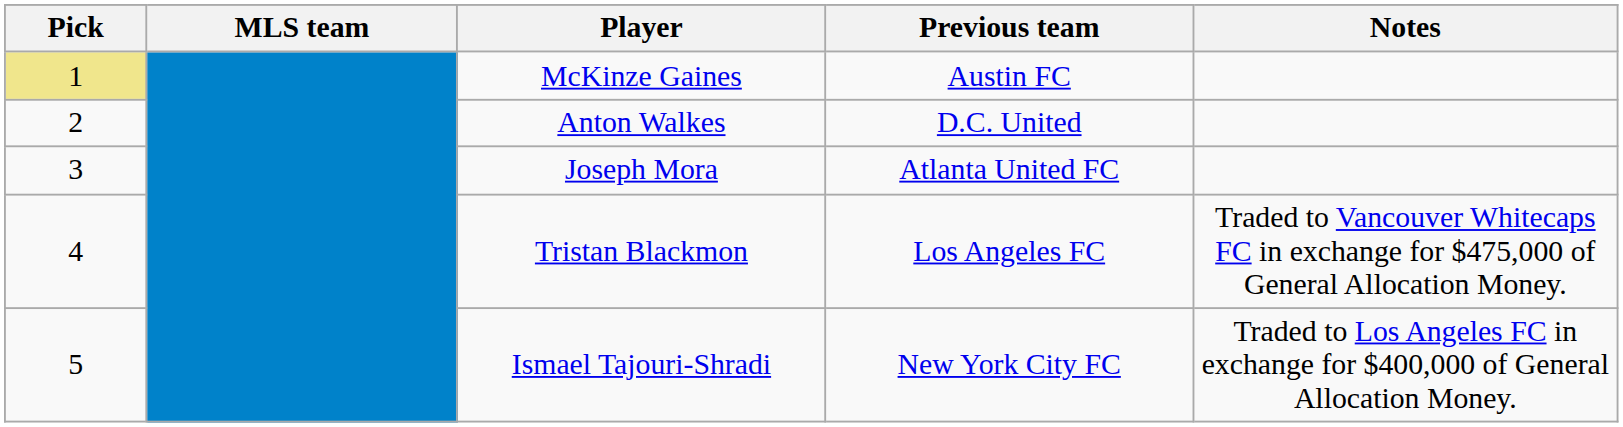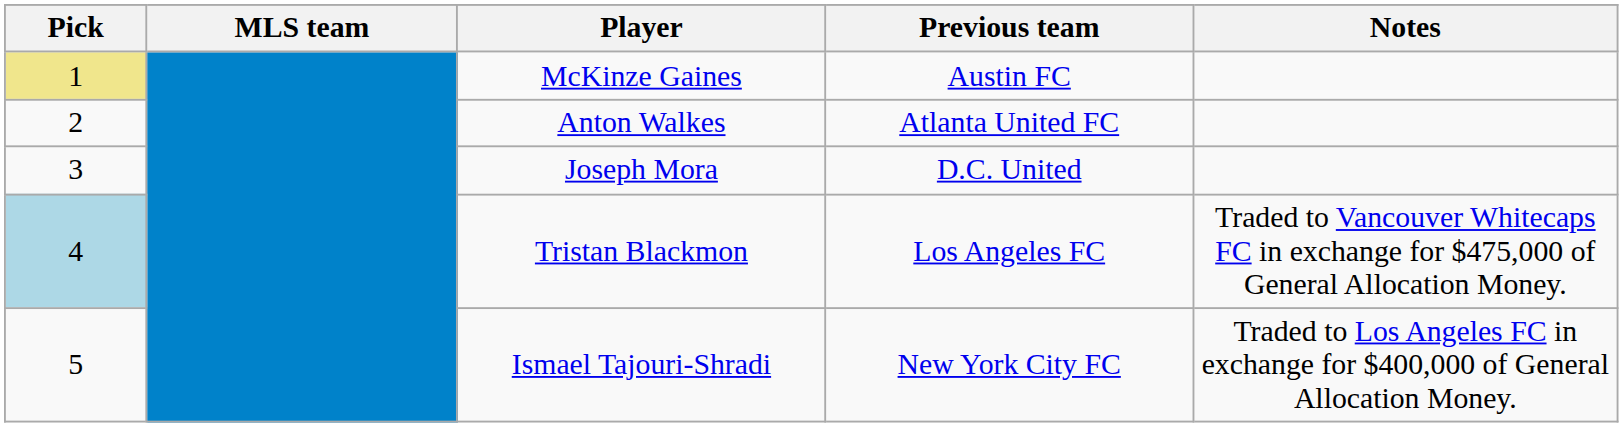 <table class="wikitable" style="text-align: center;">
 <tr>
 <th style="width:5%">Pick</th>
 <th style="width:11%">MLS team</th>
 <th style="width:13%">Player</th>
 <th style="width:13%">Previous team</th>
 <th style="width:15%">Notes</th>
 </tr>
 <tr>
 <td style="background: khaki;">1</td>
 <td style="background: #0082CA" rowspan="5"></td>
 <td><a href='#'>McKinze Gaines</a></td>
 <td><a href='#'>Austin FC</a></td>
 <td></td>
 </tr>
 <tr>
 <td>2</td>
 <td><a href='#'>Anton Walkes</a></td>
-<td><a href='#'>D.C. United</a></td>
+<td><a href='#'>Atlanta United FC</a></td>
 <td></td>
 </tr>
 <tr>
 <td>3</td>
 <td><a href='#'>Joseph Mora</a></td>
-<td><a href='#'>Atlanta United FC</a></td>
+<td><a href='#'>D.C. United</a></td>
 <td></td>
 </tr>
 <tr>
-<td>4</td>
+<td style="background: lightblue;">4</td>
 <td><a href='#'>Tristan Blackmon</a></td>
 <td><a href='#'>Los Angeles FC</a></td>
 <td>Traded to <a href='#'>Vancouver Whitecaps FC</a> in exchange for $475,000 of General Allocation Money.</td>
 </tr>
 <tr>
 <td>5</td>
 <td><a href='#'>Ismael Tajouri-Shradi</a></td>
 <td><a href='#'>New York City FC</a></td>
 <td>Traded to <a href='#'>Los Angeles FC</a> in exchange for $400,000 of General Allocation Money.</td>
 </tr>
 </table>
